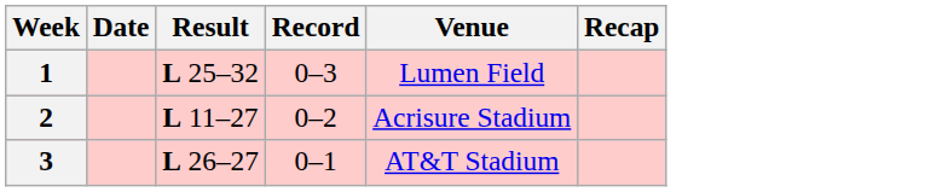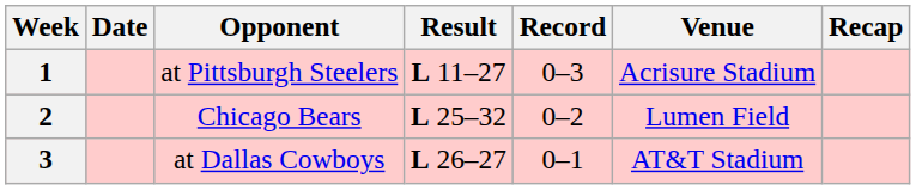 <table class="wikitable" style="text-align:center">
 <tr>
 <th>Week</th>
 <th>Date</th>
+<th>Opponent</th>
 <th>Result</th>
 <th>Record</th>
 <th>Venue</th>
 <th>Recap</th>
 </tr>
 <tr style="background:#fcc">
 <th>1</th>
 <td></td>
-<td><strong>L</strong> 25–32</td>
+<td>at <a href='#'>Pittsburgh Steelers</a></td>
+<td><strong>L</strong> 11–27</td>
 <td>0–3</td>
-<td><a href='#'>Lumen Field</a></td>
+<td><a href='#'>Acrisure Stadium</a></td>
 <td></td>
 </tr>
 <tr style="background:#fcc">
 <th>2</th>
 <td></td>
-<td><strong>L</strong> 11–27</td>
+<td><a href='#'>Chicago Bears</a></td>
+<td><strong>L</strong> 25–32</td>
 <td>0–2</td>
-<td><a href='#'>Acrisure Stadium</a></td>
+<td><a href='#'>Lumen Field</a></td>
 <td></td>
 </tr>
 <tr style="background:#fcc">
 <th>3</th>
 <td></td>
+<td>at <a href='#'>Dallas Cowboys</a></td>
 <td><strong>L</strong> 26–27</td>
 <td>0–1</td>
 <td><a href='#'>AT&T Stadium</a></td>
 <td></td>
 </tr>
 </table>
